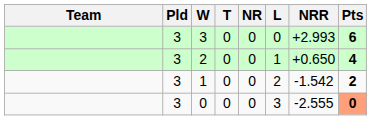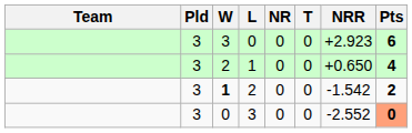 <table class="wikitable" style="text-align:center;">
 <tr>
 <th width=175>Team</th>
 <th style="width:20px;" abbr="Played">Pld</th>
 <th style="width:20px;" abbr="Won">W</th>
+<th style="width:20px;" abbr="Lost">L</th>
+<th style="width:20px;" abbr="No Result">NR</th>
 <th style="width:20px;" abbr="Tied">T</th>
-<th style="width:20px;" abbr="No Result">NR</th>
-<th style="width:20px;" abbr="Lost">L</th>
 <th style="width:20px;" abbr="Net Run Rate">NRR</th>
 <th style="width:20px;" abbr="Points">Pts</th>
 </tr>
 <tr style="background:#cfc;">
 <td style="text-align:left;"></td>
 <td>3</td>
 <td>3</td>
 <td>0</td>
 <td>0</td>
 <td>0</td>
-<td>+2.993</td>
+<td>+2.923</td>
 <td><strong>6</strong></td>
 </tr>
 <tr style="background:#cfc;">
 <td style="text-align:left;"></td>
 <td>3</td>
 <td>2</td>
+<td>1</td>
 <td>0</td>
 <td>0</td>
-<td>1</td>
 <td>+0.650</td>
 <td><strong>4</strong></td>
 </tr>
 <tr>
 <td style="text-align:left;"></td>
 <td>3</td>
-<td>1</td>
+<td><strong>1</strong></td>
+<td>2</td>
 <td>0</td>
 <td>0</td>
-<td>2</td>
 <td>-1.542</td>
 <td><strong>2</strong></td>
 </tr>
 <tr>
 <td style="text-align:left;"></td>
 <td>3</td>
 <td>0</td>
+<td>3</td>
 <td>0</td>
 <td>0</td>
-<td>3</td>
-<td>-2.555</td>
+<td>-2.552</td>
 <td style="background: lightsalmon;"><strong>0</strong></td>
 </tr>
 </table>
